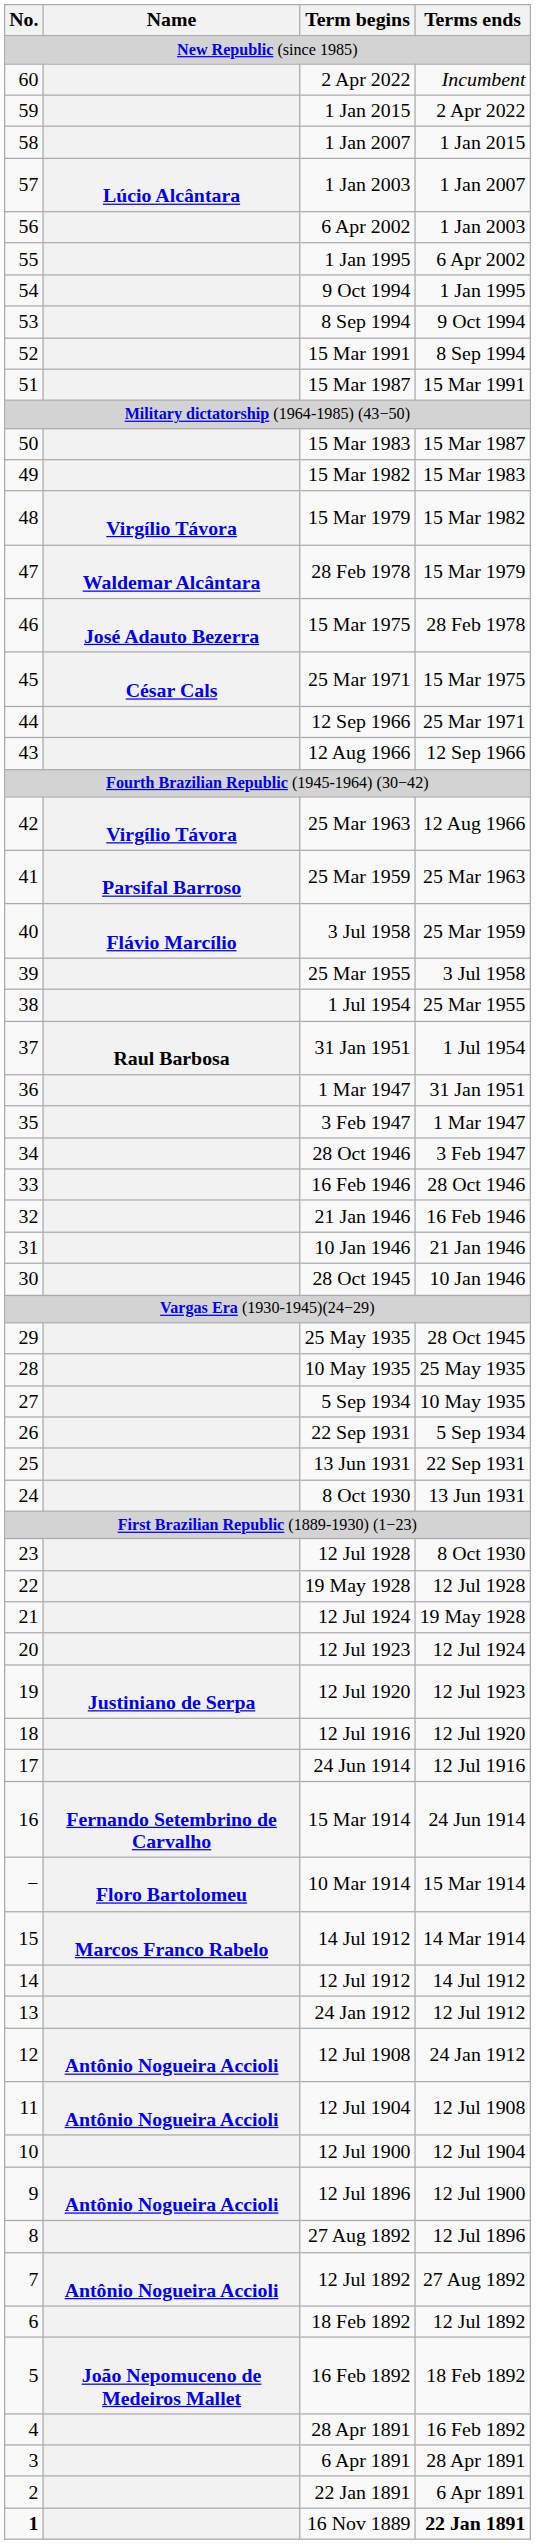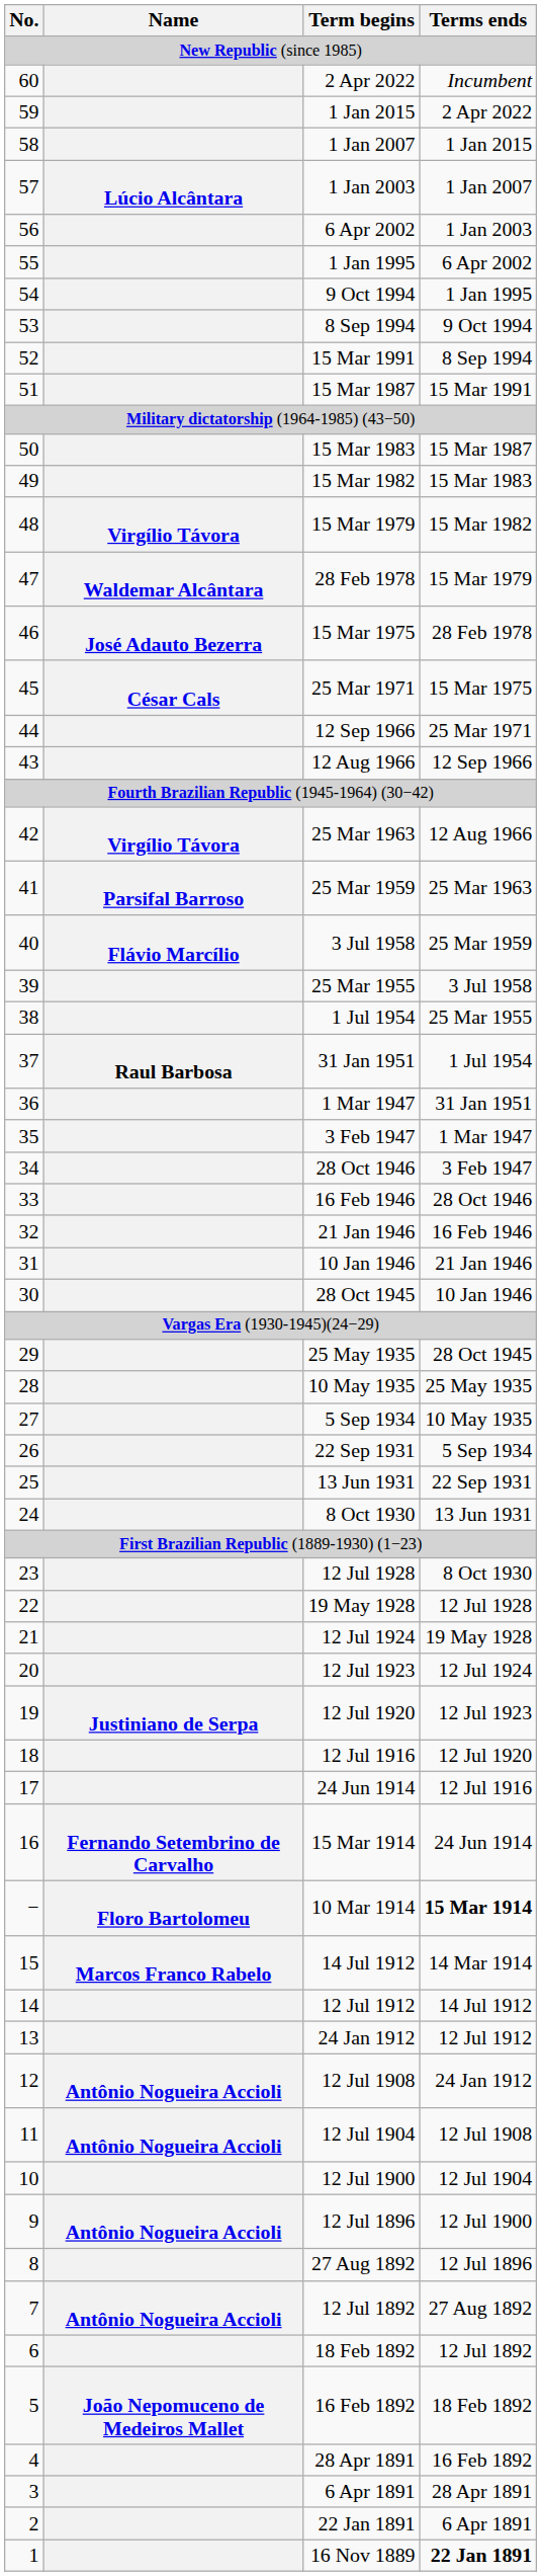 <table class=wikitable style=text-align:right>
 <tr>
 <th scope=col>No.</th>
 <th scope=col>Name</th>
 <th scope=col>Term begins</th>
 <th scope=col>Terms ends</th>
 </tr>
 <tr>
 <td colspan=4 style=text-align:center;font-size:small;background:lightgrey><strong><a href='#'>New Republic</a></strong> (since 1985)</td>
 </tr>
 <tr>
 <td>60</td>
 <th scope=row style=width:200px></th>
 <td>2 Apr 2022</td>
 <td><em>Incumbent</em></td>
 </tr>
 <tr>
 <td>59</td>
 <th scope=row style=width:200px></th>
 <td>1 Jan 2015</td>
 <td>2 Apr 2022</td>
 </tr>
 <tr>
 <td>58</td>
 <th scope=row style=width:200px></th>
 <td>1 Jan 2007</td>
 <td>1 Jan 2015</td>
 </tr>
 <tr>
 <td>57</td>
 <th scope=row style=width:200px><br><a href='#'>Lúcio Alcântara</a></th>
 <td>1 Jan 2003</td>
 <td>1 Jan 2007</td>
 </tr>
 <tr>
 <td>56</td>
 <th scope=row style=width:200px></th>
 <td>6 Apr 2002</td>
 <td>1 Jan 2003</td>
 </tr>
 <tr>
 <td>55</td>
 <th scope=row style=width:200px></th>
 <td>1 Jan 1995</td>
 <td>6 Apr 2002</td>
 </tr>
 <tr>
 <td>54</td>
 <th scope=row style=width:200px></th>
 <td>9 Oct 1994</td>
 <td>1 Jan 1995</td>
 </tr>
 <tr>
 <td>53</td>
 <th scope=row style=width:200px></th>
 <td>8 Sep 1994</td>
 <td>9 Oct 1994</td>
 </tr>
 <tr>
 <td>52</td>
 <th scope=row style=width:200px></th>
 <td>15 Mar 1991</td>
 <td>8 Sep 1994</td>
 </tr>
 <tr>
 <td>51</td>
 <th scope=row style=width:200px></th>
 <td>15 Mar 1987</td>
 <td>15 Mar 1991</td>
 </tr>
 <tr>
 <td colspan=4 style=text-align:center;font-size:small;background:lightgrey><strong><a href='#'>Military dictatorship</a></strong> (1964-1985) (43−50)</td>
 </tr>
 <tr>
 <td>50</td>
 <th scope=row style=width:200px></th>
 <td>15 Mar 1983</td>
 <td>15 Mar 1987</td>
 </tr>
 <tr>
 <td>49</td>
 <th scope=row style=width:200px></th>
 <td>15 Mar 1982</td>
 <td>15 Mar 1983</td>
 </tr>
 <tr>
 <td>48</td>
 <th scope=row style=width:200px><br><a href='#'>Virgílio Távora</a></th>
 <td>15 Mar 1979</td>
 <td>15 Mar 1982</td>
 </tr>
 <tr>
 <td>47</td>
 <th scope=row style=width:200px><br><a href='#'>Waldemar Alcântara</a></th>
 <td>28 Feb 1978</td>
 <td>15 Mar 1979</td>
 </tr>
 <tr>
 <td>46</td>
 <th scope=row style=width:200px><br><a href='#'>José Adauto Bezerra</a></th>
 <td>15 Mar 1975</td>
 <td>28 Feb 1978</td>
 </tr>
 <tr>
 <td>45</td>
 <th scope=row style=width:200px><br><a href='#'>César Cals</a></th>
 <td>25 Mar 1971</td>
 <td>15 Mar 1975</td>
 </tr>
 <tr>
 <td>44</td>
 <th scope=row style=width:200px></th>
 <td>12 Sep 1966</td>
 <td>25 Mar 1971</td>
 </tr>
 <tr>
 <td>43</td>
 <th scope=row style=width:200px></th>
 <td>12 Aug 1966</td>
 <td>12 Sep 1966</td>
 </tr>
 <tr>
 <td colspan=4 style=text-align:center;font-size:small;background:lightgrey><strong><a href='#'>Fourth Brazilian Republic</a></strong> (1945-1964) (30−42)</td>
 </tr>
 <tr>
 <td>42</td>
 <th scope=row style=width:200px><br><a href='#'>Virgílio Távora</a></th>
 <td>25 Mar 1963</td>
 <td>12 Aug 1966</td>
 </tr>
 <tr>
 <td>41</td>
 <th scope=row style=width:200px><br><a href='#'>Parsifal Barroso</a></th>
 <td>25 Mar 1959</td>
 <td>25 Mar 1963</td>
 </tr>
 <tr>
 <td>40</td>
 <th scope=row style=width:200px><br><a href='#'>Flávio Marcílio</a></th>
 <td>3 Jul 1958</td>
 <td>25 Mar 1959</td>
 </tr>
 <tr>
 <td>39</td>
 <th scope=row style=width:200px></th>
 <td>25 Mar 1955</td>
 <td>3 Jul 1958</td>
 </tr>
 <tr>
 <td>38</td>
 <th scope=row style=width:200px></th>
 <td>1 Jul 1954</td>
 <td>25 Mar 1955</td>
 </tr>
 <tr>
 <td>37</td>
 <th scope=row style=width:200px><br>Raul Barbosa</th>
 <td>31 Jan 1951</td>
 <td>1 Jul 1954</td>
 </tr>
 <tr>
 <td>36</td>
 <th scope=row style=width:200px></th>
 <td>1 Mar 1947</td>
 <td>31 Jan 1951</td>
 </tr>
 <tr>
 <td>35</td>
 <th scope=row style=width:200px></th>
 <td>3 Feb 1947</td>
 <td>1 Mar 1947</td>
 </tr>
 <tr>
 <td>34</td>
 <th scope=row style=width:200px></th>
 <td>28 Oct 1946</td>
 <td>3 Feb 1947</td>
 </tr>
 <tr>
 <td>33</td>
 <th scope=row style=width:200px></th>
 <td>16 Feb 1946</td>
 <td>28 Oct 1946</td>
 </tr>
 <tr>
 <td>32</td>
 <th scope=row style=width:200px></th>
 <td>21 Jan 1946</td>
 <td>16 Feb 1946</td>
 </tr>
 <tr>
 <td>31</td>
 <th scope=row style=width:200px></th>
 <td>10 Jan 1946</td>
 <td>21 Jan 1946</td>
 </tr>
 <tr>
 <td>30</td>
 <th scope=row style=width:200px></th>
 <td>28 Oct 1945</td>
 <td>10 Jan 1946</td>
 </tr>
 <tr>
 <td colspan=4 style=text-align:center;font-size:small;background:lightgrey><strong><a href='#'>Vargas Era</a></strong> (1930-1945)(24−29)</td>
 </tr>
 <tr>
 <td>29</td>
 <th scope=row style=width:200px></th>
 <td>25 May 1935</td>
 <td>28 Oct 1945</td>
 </tr>
 <tr>
 <td>28</td>
 <th scope=row style=width:200px></th>
 <td>10 May 1935</td>
 <td>25 May 1935</td>
 </tr>
 <tr>
 <td>27</td>
 <th scope=row style=width:200px></th>
 <td>5 Sep 1934</td>
 <td>10 May 1935</td>
 </tr>
 <tr>
 <td>26</td>
 <th scope=row style=width:200px></th>
 <td>22 Sep 1931</td>
 <td>5 Sep 1934</td>
 </tr>
 <tr>
 <td>25</td>
 <th scope=row style=width:200px></th>
 <td>13 Jun 1931</td>
 <td>22 Sep 1931</td>
 </tr>
 <tr>
 <td>24</td>
 <th scope=row style=width:200px></th>
 <td>8 Oct 1930</td>
 <td>13 Jun 1931</td>
 </tr>
 <tr>
 <td colspan=4 style=text-align:center;font-size:small;background:lightgrey><strong><a href='#'>First Brazilian Republic</a></strong> (1889-1930) (1−23)</td>
 </tr>
 <tr>
 <td>23</td>
 <th scope=row style=width:200px></th>
 <td>12 Jul 1928</td>
 <td>8 Oct 1930</td>
 </tr>
 <tr>
 <td>22</td>
 <th scope=row style=width:200px></th>
 <td>19 May 1928</td>
 <td>12 Jul 1928</td>
 </tr>
 <tr>
 <td>21</td>
 <th scope=row style=width:200px></th>
 <td>12 Jul 1924</td>
 <td>19 May 1928</td>
 </tr>
 <tr>
 <td>20</td>
 <th scope=row style=width:200px></th>
 <td>12 Jul 1923</td>
 <td>12 Jul 1924</td>
 </tr>
 <tr>
 <td>19</td>
 <th scope=row style=width:200px><br><a href='#'>Justiniano de Serpa</a></th>
 <td>12 Jul 1920</td>
 <td>12 Jul 1923</td>
 </tr>
 <tr>
 <td>18</td>
 <th scope=row style=width:200px></th>
 <td>12 Jul 1916</td>
 <td>12 Jul 1920</td>
 </tr>
 <tr>
 <td>17</td>
 <th scope=row style=width:200px></th>
 <td>24 Jun 1914</td>
 <td>12 Jul 1916</td>
 </tr>
 <tr>
 <td>16</td>
 <th scope=row style=width:200px><br><a href='#'>Fernando Setembrino de Carvalho</a></th>
 <td>15 Mar 1914</td>
 <td>24 Jun 1914</td>
 </tr>
 <tr>
 <td>−</td>
 <th scope=row style=width:200px><br><a href='#'>Floro Bartolomeu</a></th>
 <td>10 Mar 1914</td>
-<td>15 Mar 1914</td>
+<td><strong>15 Mar 1914</strong></td>
 </tr>
 <tr>
 <td>15</td>
 <th scope=row style=width:200px><br><a href='#'>Marcos Franco Rabelo</a></th>
 <td>14 Jul 1912</td>
 <td>14 Mar 1914</td>
 </tr>
 <tr>
 <td>14</td>
 <th scope=row style=width:200px></th>
 <td>12 Jul 1912</td>
 <td>14 Jul 1912</td>
 </tr>
 <tr>
 <td>13</td>
 <th scope=row style=width:200px></th>
 <td>24 Jan 1912</td>
 <td>12 Jul 1912</td>
 </tr>
 <tr>
 <td>12</td>
 <th scope=row style=width:200px><br><a href='#'>Antônio Nogueira Accioli</a></th>
 <td>12 Jul 1908</td>
 <td>24 Jan 1912</td>
 </tr>
 <tr>
 <td>11</td>
 <th scope=row style=width:200px><br><a href='#'>Antônio Nogueira Accioli</a></th>
 <td>12 Jul 1904</td>
 <td>12 Jul 1908</td>
 </tr>
 <tr>
 <td>10</td>
 <th scope=row style=width:200px></th>
 <td>12 Jul 1900</td>
 <td>12 Jul 1904</td>
 </tr>
 <tr>
 <td>9</td>
 <th scope=row style=width:200px><br><a href='#'>Antônio Nogueira Accioli</a></th>
 <td>12 Jul 1896</td>
 <td>12 Jul 1900</td>
 </tr>
 <tr>
 <td>8</td>
 <th scope=row style=width:200px></th>
 <td>27 Aug 1892</td>
 <td>12 Jul 1896</td>
 </tr>
 <tr>
 <td>7</td>
 <th scope=row style=width:200px><br><a href='#'>Antônio Nogueira Accioli</a></th>
 <td>12 Jul 1892</td>
 <td>27 Aug 1892</td>
 </tr>
 <tr>
 <td>6</td>
 <th scope=row style=width:200px></th>
 <td>18 Feb 1892</td>
 <td>12 Jul 1892</td>
 </tr>
 <tr>
 <td>5</td>
 <th scope=row style=width:200px><br><a href='#'>João Nepomuceno de Medeiros Mallet</a></th>
 <td>16 Feb 1892</td>
 <td>18 Feb 1892</td>
 </tr>
 <tr>
 <td>4</td>
 <th scope=row style=width:200px></th>
 <td>28 Apr 1891</td>
 <td>16 Feb 1892</td>
 </tr>
 <tr>
 <td>3</td>
 <th scope=row style=width:200px></th>
 <td>6 Apr 1891</td>
 <td>28 Apr 1891</td>
 </tr>
 <tr>
 <td>2</td>
 <th scope=row style=width:200px></th>
 <td>22 Jan 1891</td>
 <td>6 Apr 1891</td>
 </tr>
 <tr>
-<td><strong>1</strong></td>
+<td>1</td>
 <th scope=row style=width:200px></th>
 <td>16 Nov 1889</td>
 <td><strong>22 Jan 1891</strong></td>
 </tr>
 </table>
